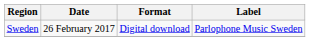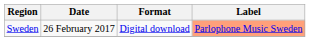 <table class=wikitable>
 <tr>
 <th>Region</th>
 <th>Date</th>
 <th>Format</th>
 <th>Label</th>
 </tr>
 <tr>
 <td><a href='#'>Sweden</a></td>
 <td>26 February 2017</td>
 <td><a href='#'>Digital download</a></td>
-<td><a href='#'>Parlophone Music Sweden</a></td>
+<td style="background: lightsalmon;"><a href='#'>Parlophone Music Sweden</a></td>
 </tr>
 <tr>
 </tr>
 </table>
